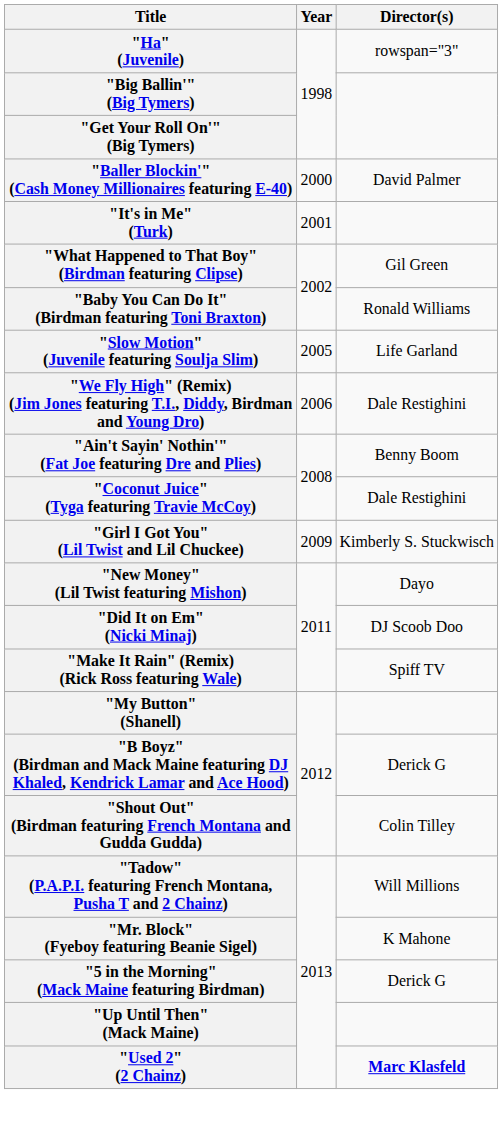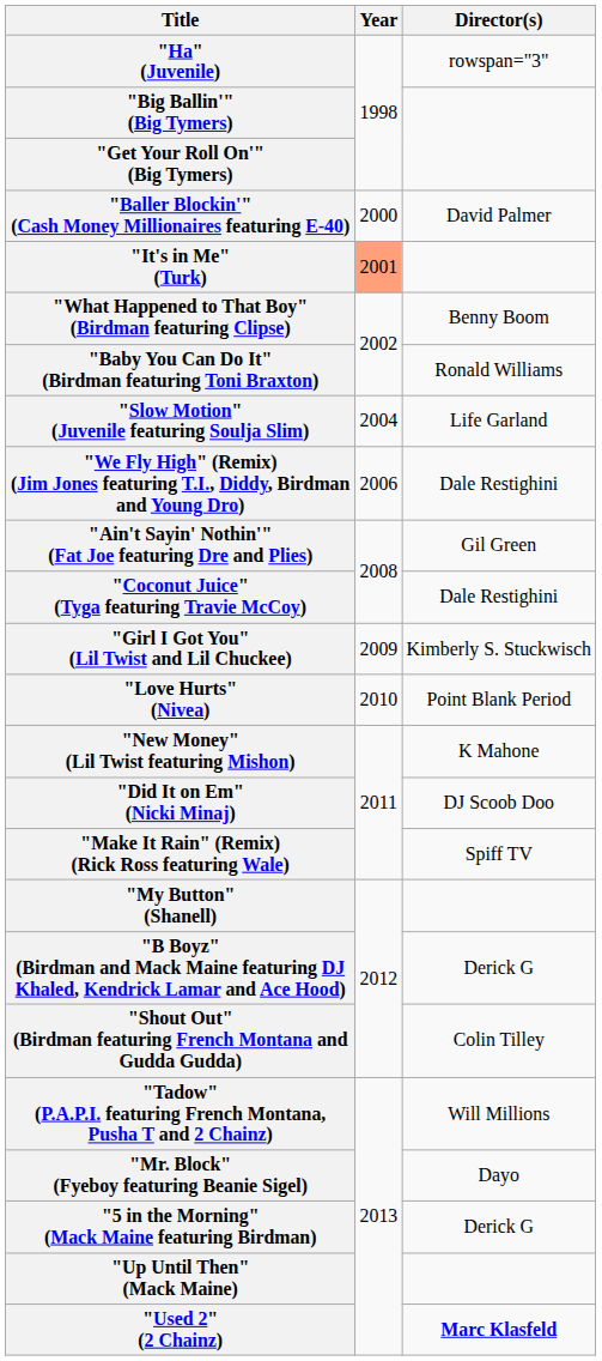 <table class="wikitable plainrowheaders" style="text-align:center;">
 <tr>
 <th scope="col" style="width:18em;">Title</th>
 <th scope="col">Year</th>
 <th scope="col">Director(s)</th>
 </tr>
 <tr>
 <th scope="row">"<a href='#'>Ha</a>"<br><span>(<a href='#'>Juvenile</a>)</span></th>
 <td rowspan="3">1998</td>
 <td>rowspan="3" </td>
 </tr>
 <tr>
 <th scope="row">"Big Ballin'"<br><span>(<a href='#'>Big Tymers</a>)</span></th>
 </tr>
 <tr>
 <th scope="row">"Get Your Roll On'"<br><span>(Big Tymers)</span></th>
 </tr>
 <tr>
 <th scope="row">"<a href='#'>Baller Blockin'</a>"<br><span>(<a href='#'>Cash Money Millionaires</a> featuring <a href='#'>E-40</a>)</span></th>
 <td>2000</td>
 <td>David Palmer</td>
 </tr>
 <tr>
 <th scope="row">"It's in Me"<br><span>(<a href='#'>Turk</a>)</span></th>
-<td>2001</td>
+<td style="background: lightsalmon;">2001</td>
 <td></td>
 </tr>
 <tr>
 <th scope="row">"What Happened to That Boy"<br><span>(<a href='#'>Birdman</a> featuring <a href='#'>Clipse</a>)</span></th>
 <td rowspan="2">2002</td>
-<td>Gil Green</td>
+<td>Benny Boom</td>
 </tr>
 <tr>
 <th scope="row">"Baby You Can Do It"<br><span>(Birdman featuring <a href='#'>Toni Braxton</a>)</span></th>
 <td>Ronald Williams</td>
 </tr>
 <tr>
 <th scope="row">"<a href='#'>Slow Motion</a>"<br><span>(<a href='#'>Juvenile</a> featuring <a href='#'>Soulja Slim</a>)</span></th>
-<td>2005</td>
+<td>2004</td>
 <td>Life Garland</td>
 </tr>
 <tr>
 <th scope="row">"<a href='#'>We Fly High</a>" (Remix)<br><span>(<a href='#'>Jim Jones</a> featuring <a href='#'>T.I.</a>, <a href='#'>Diddy</a>, Birdman and <a href='#'>Young Dro</a>)</span></th>
 <td>2006</td>
 <td>Dale Restighini</td>
 </tr>
 <tr>
 <th scope="row">"Ain't Sayin' Nothin'"<br><span>(<a href='#'>Fat Joe</a> featuring <a href='#'>Dre</a> and <a href='#'>Plies</a>)</span></th>
 <td rowspan="2">2008</td>
-<td>Benny Boom</td>
+<td>Gil Green</td>
 </tr>
 <tr>
 <th scope="row">"<a href='#'>Coconut Juice</a>"<br><span>(<a href='#'>Tyga</a> featuring <a href='#'>Travie McCoy</a>)</span></th>
 <td>Dale Restighini</td>
 </tr>
 <tr>
 <th scope="row">"Girl I Got You"<br><span>(<a href='#'>Lil Twist</a> and Lil Chuckee)</span></th>
 <td>2009</td>
 <td>Kimberly S. Stuckwisch</td>
 </tr>
 <tr>
+<th scope="row">"Love Hurts"<br><span>(<a href='#'>Nivea</a>)</span></th>
+<td>2010</td>
+<td>Point Blank Period</td>
+</tr>
+<tr>
 <th scope="row">"New Money"<br><span>(Lil Twist featuring <a href='#'>Mishon</a>)</span></th>
 <td rowspan="3">2011</td>
-<td>Dayo</td>
+<td>K Mahone</td>
 </tr>
 <tr>
 <th scope="row">"Did It on Em"<br><span>(<a href='#'>Nicki Minaj</a>)</span></th>
 <td>DJ Scoob Doo</td>
 </tr>
 <tr>
 <th scope="row">"Make It Rain" (Remix)<br><span>(Rick Ross featuring <a href='#'>Wale</a>)</span></th>
 <td>Spiff TV</td>
 </tr>
 <tr>
 <th scope="row">"My Button"<br><span>(Shanell)</span></th>
 <td rowspan="3">2012</td>
 <td></td>
 </tr>
 <tr>
 <th scope="row">"B Boyz"<br><span>(Birdman and Mack Maine featuring <a href='#'>DJ Khaled</a>, <a href='#'>Kendrick Lamar</a> and <a href='#'>Ace Hood</a>)</span></th>
 <td>Derick G</td>
 </tr>
 <tr>
 <th scope="row">"Shout Out"<br><span>(Birdman featuring <a href='#'>French Montana</a> and Gudda Gudda)</span></th>
 <td>Colin Tilley</td>
 </tr>
 <tr>
 <th scope="row">"Tadow"<br><span>(<a href='#'>P.A.P.I.</a> featuring French Montana, <a href='#'>Pusha T</a> and <a href='#'>2 Chainz</a>)</span></th>
 <td rowspan="5">2013</td>
 <td>Will Millions</td>
 </tr>
 <tr>
 <th scope="row">"Mr. Block"<br><span>(Fyeboy featuring Beanie Sigel)</span></th>
-<td>K Mahone</td>
+<td>Dayo</td>
 </tr>
 <tr>
 <th scope="row">"5 in the Morning"<br><span>(<a href='#'>Mack Maine</a> featuring Birdman)</span></th>
 <td>Derick G</td>
 </tr>
 <tr>
 <th scope="row">"Up Until Then"<br><span>(Mack Maine)</span></th>
 <td></td>
 </tr>
 <tr>
 <th scope="row">"<a href='#'>Used 2</a>"<br><span>(<a href='#'>2 Chainz</a>)</span></th>
 <td><strong><a href='#'>Marc Klasfeld</a></strong></td>
 </tr>
 </table>
